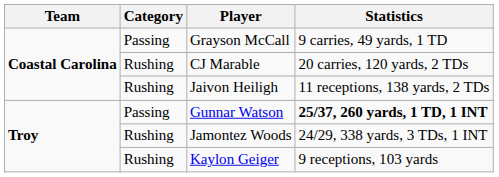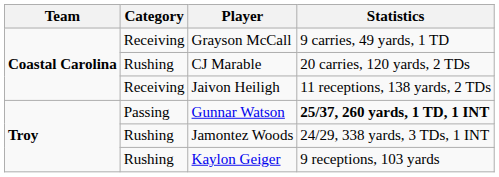 <table class="wikitable" style="float: left;">
 <tr>
 <th>Team</th>
 <th>Category</th>
 <th>Player</th>
 <th>Statistics</th>
 </tr>
 <tr>
 <td rowspan=3><strong>Coastal Carolina</strong></td>
-<td>Passing</td>
+<td>Receiving</td>
 <td>Grayson McCall</td>
 <td>9 carries, 49 yards, 1 TD</td>
 </tr>
 <tr>
 <td>Rushing</td>
 <td>CJ Marable</td>
 <td>20 carries, 120 yards, 2 TDs</td>
 </tr>
 <tr>
-<td>Rushing</td>
+<td>Receiving</td>
 <td>Jaivon Heiligh</td>
 <td>11 receptions, 138 yards, 2 TDs</td>
 </tr>
 <tr>
 <td rowspan=3><strong>Troy</strong></td>
 <td>Passing</td>
 <td><a href='#'>Gunnar Watson</a></td>
 <td><strong>25/37, 260 yards, 1 TD, 1 INT</strong></td>
 </tr>
 <tr>
 <td>Rushing</td>
 <td>Jamontez Woods</td>
 <td>24/29, 338 yards, 3 TDs, 1 INT</td>
 </tr>
 <tr>
 <td>Rushing</td>
 <td><a href='#'>Kaylon Geiger</a></td>
 <td>9 receptions, 103 yards</td>
 </tr>
 </table>
